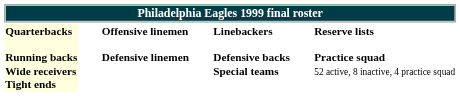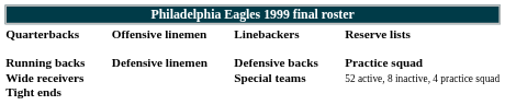 <table class="toccolours" style="text-align: left;">
 <tr>
 <th colspan="9" style="background:#003b48; border:2px solid silver; color:white; text-align:center;"><strong>Philadelphia Eagles 1999 final roster</strong></th>
 </tr>
 <tr>
-<td style="background: lightyellow; font-size:95%; vertical-align:top;"><strong>Quarterbacks</strong><br>  <br><strong>Running backs</strong>    <br><strong>Wide receivers</strong>      <br><strong>Tight ends</strong>   </td>
+<td style="font-size:95%; vertical-align:top;"><strong>Quarterbacks</strong><br>  <br><strong>Running backs</strong>    <br><strong>Wide receivers</strong>      <br><strong>Tight ends</strong>   </td>
 <td style="width: 25px;"></td>
 <td style="font-size:95%; vertical-align:top;"><strong>Offensive linemen</strong><br>        <br><strong>Defensive linemen</strong>         </td>
 <td style="width: 25px;"></td>
 <td style="font-size:95%; vertical-align:top;"><strong>Linebackers </strong><br>     <br><strong>Defensive backs</strong>        <br><strong>Special teams</strong>    </td>
 <td style="width: 25px;"></td>
 <td style="font-size:95%; vertical-align:top;"><strong>Reserve lists</strong><br>       <br><strong>Practice squad</strong>    <br><small>52 active, 8 inactive, 4 practice squad</small></td>
 </tr>
 </table>
